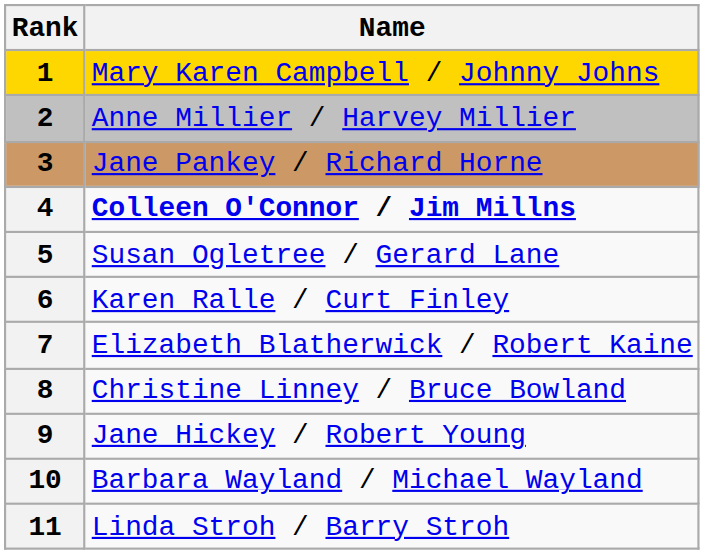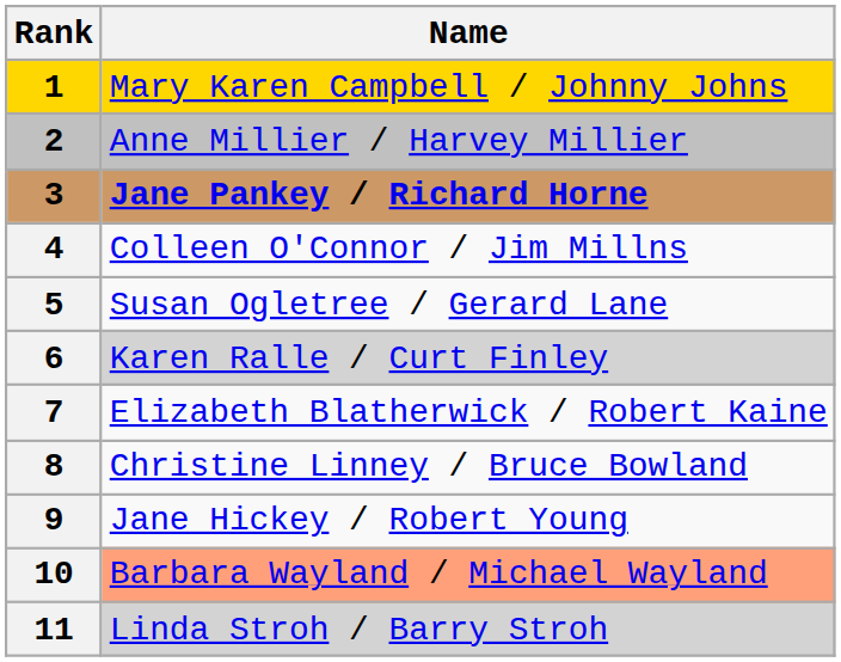 <table class="wikitable">
 <tr>
 <th>Rank</th>
 <th>Name</th>
 </tr>
 <tr bgcolor="gold">
 <td align="center"><strong>1</strong></td>
 <td><a href='#'>Mary Karen Campbell</a> / <a href='#'>Johnny Johns</a></td>
 </tr>
 <tr bgcolor="silver">
 <td align="center"><strong>2</strong></td>
 <td><a href='#'>Anne Millier</a> / <a href='#'>Harvey Millier</a></td>
 </tr>
 <tr bgcolor="cc9966">
 <td align="center"><strong>3</strong></td>
-<td><a href='#'>Jane Pankey</a> / <a href='#'>Richard Horne</a></td>
+<td><strong><a href='#'>Jane Pankey</a> / <a href='#'>Richard Horne</a></strong></td>
 </tr>
 <tr>
 <th>4</th>
-<td><strong><a href='#'>Colleen O'Connor</a> / <a href='#'>Jim Millns</a></strong></td>
+<td><a href='#'>Colleen O'Connor</a> / <a href='#'>Jim Millns</a></td>
 </tr>
 <tr>
 <th>5</th>
 <td><a href='#'>Susan Ogletree</a> / <a href='#'>Gerard Lane</a></td>
 </tr>
 <tr>
 <th>6</th>
-<td><a href='#'>Karen Ralle</a> / <a href='#'>Curt Finley</a></td>
+<td style="background: lightgrey;"><a href='#'>Karen Ralle</a> / <a href='#'>Curt Finley</a></td>
 </tr>
 <tr>
 <th>7</th>
 <td><a href='#'>Elizabeth Blatherwick</a> / <a href='#'>Robert Kaine</a></td>
 </tr>
 <tr>
 <th>8</th>
 <td><a href='#'>Christine Linney</a> / <a href='#'>Bruce Bowland</a></td>
 </tr>
 <tr>
 <th>9</th>
 <td><a href='#'>Jane Hickey</a> / <a href='#'>Robert Young</a></td>
 </tr>
 <tr>
 <th>10</th>
-<td><a href='#'>Barbara Wayland</a> / <a href='#'>Michael Wayland</a></td>
+<td style="background: lightsalmon;"><a href='#'>Barbara Wayland</a> / <a href='#'>Michael Wayland</a></td>
 </tr>
 <tr>
 <th>11</th>
-<td><a href='#'>Linda Stroh</a> / <a href='#'>Barry Stroh</a></td>
+<td style="background: lightgrey;"><a href='#'>Linda Stroh</a> / <a href='#'>Barry Stroh</a></td>
 </tr>
 </table>
